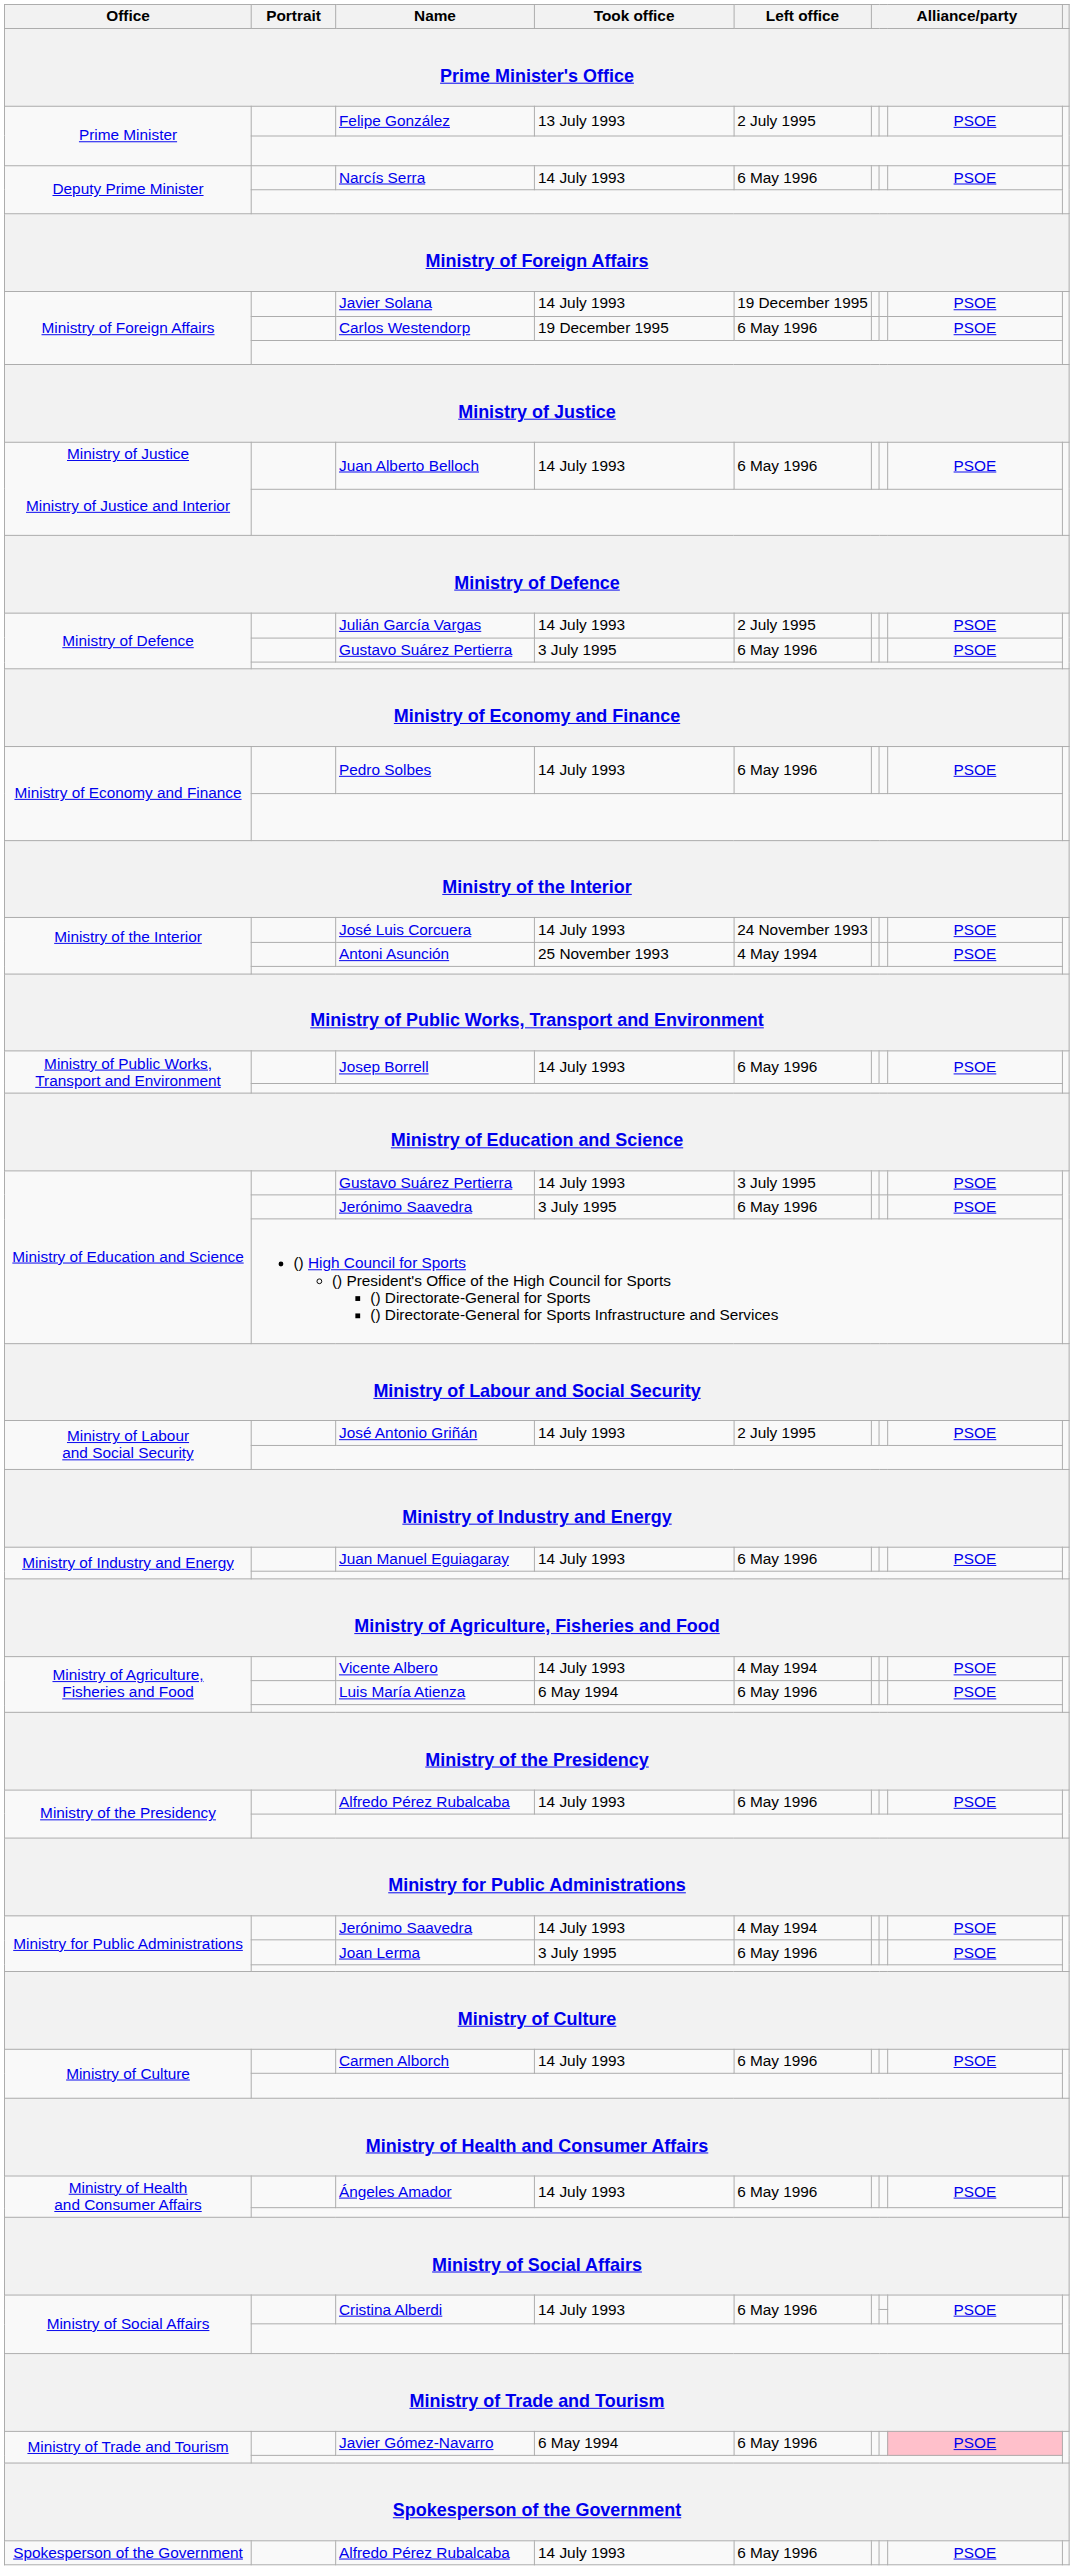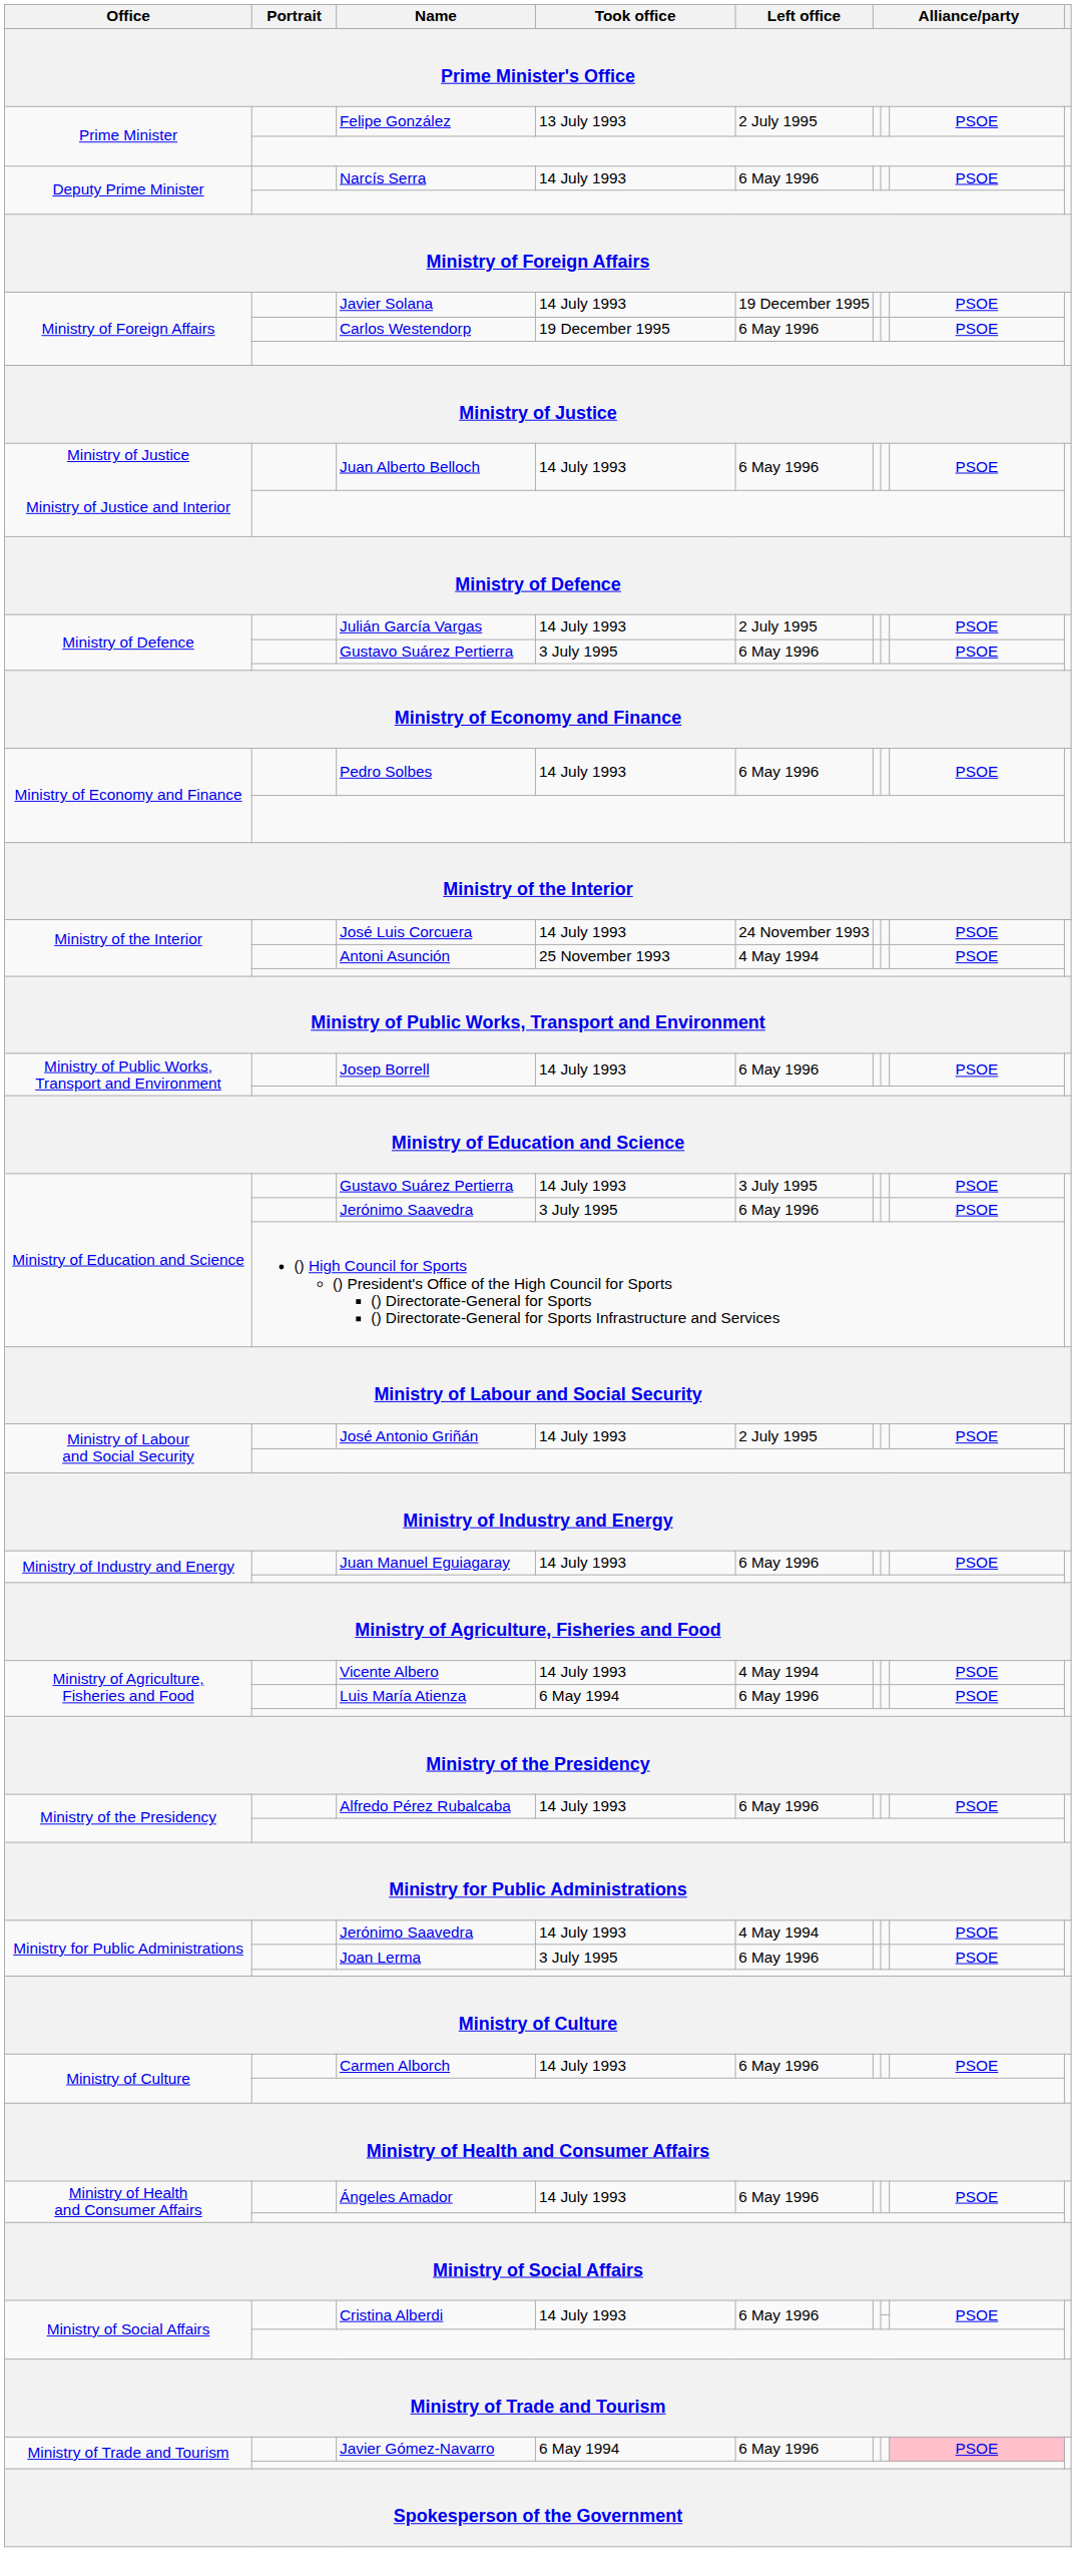 <table class="wikitable" style="line-height:18px;">
 <tr>
 <th scope="col">Office<br></th>
 <th scope="col">Portrait</th>
 <th scope="col">Name</th>
 <th scope="col">Took office</th>
 <th scope="col">Left office</th>
 <th colspan="3" scope="col">Alliance/party</th>
 <th></th>
 </tr>
 <tr>
 <th colspan="9"><br><h3><a href='#'>Prime Minister's Office</a></h3></th>
 </tr>
 <tr>
 <td align="center" rowspan="2" width="250"><a href='#'>Prime Minister</a><br></td>
 <td width="80"></td>
 <td width="200"><a href='#'>Felipe González</a></td>
 <td width="200">13 July 1993</td>
 <td>2 July 1995<br></td>
 <td width="1" style="background-color:"></td>
 <td width="1" style="background-color:"></td>
 <td width="175" align="center"><a href='#'>PSOE</a></td>
 <td align="center" rowspan="2"><br><br><br></td>
 </tr>
 <tr>
 <td colspan="7"><br></td>
 </tr>
 <tr>
 <td align="center" rowspan="2"><a href='#'>Deputy Prime Minister</a><br></td>
 <td></td>
 <td><a href='#'>Narcís Serra</a></td>
 <td>14 July 1993</td>
 <td>6 May 1996</td>
 <td style="background-color:"></td>
 <td style="background-color:"></td>
 <td align="center"><a href='#'>PSOE</a><br></td>
 <td align="center" rowspan="2"><br></td>
 </tr>
 <tr>
 <td colspan="7"><br></td>
 </tr>
 <tr>
 <th colspan="9"><br><h3><a href='#'>Ministry of Foreign Affairs</a></h3></th>
 </tr>
 <tr>
 <td align="center" rowspan="3"><a href='#'>Ministry of Foreign Affairs</a><br></td>
 <td></td>
 <td><a href='#'>Javier Solana</a></td>
 <td>14 July 1993</td>
 <td>19 December 1995</td>
 <td style="background-color:"></td>
 <td style="background-color:"></td>
 <td align="center"><a href='#'>PSOE</a></td>
 <td align="center" rowspan="3"><br><br><br></td>
 </tr>
 <tr>
 <td></td>
 <td><a href='#'>Carlos Westendorp</a></td>
 <td>19 December 1995</td>
 <td>6 May 1996</td>
 <td style="background-color:"></td>
 <td style="background-color:"></td>
 <td align="center"><a href='#'>PSOE</a></td>
 </tr>
 <tr>
 <td colspan="7"><br></td>
 </tr>
 <tr>
 <th colspan="9"><br><h3><a href='#'>Ministry of Justice</a></h3></th>
 </tr>
 <tr>
 <td align="center" rowspan="2"><a href='#'>Ministry of Justice</a><br><br><br><a href='#'>Ministry of Justice and Interior</a><br><br></td>
 <td></td>
 <td><a href='#'>Juan Alberto Belloch</a></td>
 <td>14 July 1993</td>
 <td>6 May 1996</td>
 <td style="background-color:"></td>
 <td style="background-color:"></td>
 <td align="center"><a href='#'>PSOE</a><br></td>
 <td align="center" rowspan="2"><br><br><br><br></td>
 </tr>
 <tr>
 <td colspan="7"><br></td>
 </tr>
 <tr>
 <th colspan="9"><br><h3><a href='#'>Ministry of Defence</a></h3></th>
 </tr>
 <tr>
 <td align="center" rowspan="3"><a href='#'>Ministry of Defence</a><br></td>
 <td></td>
 <td><a href='#'>Julián García Vargas</a></td>
 <td>14 July 1993</td>
 <td>2 July 1995<br></td>
 <td style="background-color:"></td>
 <td style="background-color:"></td>
 <td align="center"><a href='#'>PSOE</a></td>
 <td align="center" rowspan="3"></td>
 </tr>
 <tr>
 <td></td>
 <td><a href='#'>Gustavo Suárez Pertierra</a></td>
 <td>3 July 1995</td>
 <td>6 May 1996</td>
 <td style="background-color:"></td>
 <td style="background-color:"></td>
 <td align="center"><a href='#'>PSOE</a></td>
 </tr>
 <tr>
 <td colspan="7"></td>
 </tr>
 <tr>
 <th colspan="9"><br><h3><a href='#'>Ministry of Economy and Finance</a></h3></th>
 </tr>
 <tr>
 <td align="center" rowspan="2"><a href='#'>Ministry of Economy and Finance</a><br></td>
 <td></td>
 <td><a href='#'>Pedro Solbes</a></td>
 <td>14 July 1993</td>
 <td>6 May 1996</td>
 <td style="background-color:"></td>
 <td style="background-color:"></td>
 <td align="center"><a href='#'>PSOE</a><br></td>
 <td align="center" rowspan="2"><br><br><br><br><br></td>
 </tr>
 <tr>
 <td colspan="7"><br> </td>
 </tr>
 <tr>
 <th colspan="9"><br><h3><a href='#'>Ministry of the Interior</a></h3></th>
 </tr>
 <tr>
 <td align="center" rowspan="3"><a href='#'>Ministry of the Interior</a><br><br></td>
 <td></td>
 <td><a href='#'>José Luis Corcuera</a></td>
 <td>14 July 1993</td>
 <td>24 November 1993<br></td>
 <td style="background-color:"></td>
 <td style="background-color:"></td>
 <td align="center"><a href='#'>PSOE</a></td>
 <td align="center" rowspan="3"></td>
 </tr>
 <tr>
 <td></td>
 <td><a href='#'>Antoni Asunción</a></td>
 <td>25 November 1993</td>
 <td>4 May 1994<br></td>
 <td style="background-color:"></td>
 <td style="background-color:"></td>
 <td align="center"><a href='#'>PSOE</a></td>
 </tr>
 <tr>
 <td colspan="7"></td>
 </tr>
 <tr>
 <th colspan="9"><br><h3><a href='#'>Ministry of Public Works, Transport and Environment</a></h3></th>
 </tr>
 <tr>
 <td align="center" rowspan="2"><a href='#'>Ministry of Public Works,<br>Transport and Environment</a><br></td>
 <td></td>
 <td><a href='#'>Josep Borrell</a></td>
 <td>14 July 1993</td>
 <td>6 May 1996</td>
 <td style="background-color:"></td>
 <td style="background-color:"></td>
 <td align="center"><a href='#'>PSOE</a></td>
 <td align="center" rowspan="2"></td>
 </tr>
 <tr>
 <td colspan="7"></td>
 </tr>
 <tr>
 <th colspan="9"><br><h3><a href='#'>Ministry of Education and Science</a></h3></th>
 </tr>
 <tr>
 <td align="center" rowspan="3"><a href='#'>Ministry of Education and Science</a><br></td>
 <td></td>
 <td><a href='#'>Gustavo Suárez Pertierra</a></td>
 <td>14 July 1993</td>
 <td>3 July 1995</td>
 <td style="background-color:"></td>
 <td style="background-color:"></td>
 <td align="center"><a href='#'>PSOE</a></td>
 <td align="center" rowspan="3"></td>
 </tr>
 <tr>
 <td></td>
 <td><a href='#'>Jerónimo Saavedra</a></td>
 <td>3 July 1995</td>
 <td>6 May 1996</td>
 <td style="background-color:"></td>
 <td style="background-color:"></td>
 <td align="center"><a href='#'>PSOE</a></td>
 </tr>
 <tr>
 <td colspan="7"><br><ul><li>() <a href='#'>High Council for Sports</a><ul><li>() President's Office of the High Council for Sports<ul><li>() Directorate-General for Sports</li><li>() Directorate-General for Sports Infrastructure and Services</li></ul></li></ul></li></ul></td>
 </tr>
 <tr>
 <th colspan="9"><br><h3><a href='#'>Ministry of Labour and Social Security</a></h3></th>
 </tr>
 <tr>
 <td align="center" rowspan="2"><a href='#'>Ministry of Labour<br>and Social Security</a><br></td>
 <td></td>
 <td><a href='#'>José Antonio Griñán</a></td>
 <td>14 July 1993</td>
 <td>2 July 1995<br></td>
 <td style="background-color:"></td>
 <td style="background-color:"></td>
 <td align="center"><a href='#'>PSOE</a></td>
 <td align="center" rowspan="2"><br><br></td>
 </tr>
 <tr>
 <td colspan="7"><br></td>
 </tr>
 <tr>
 <th colspan="9"><br><h3><a href='#'>Ministry of Industry and Energy</a></h3></th>
 </tr>
 <tr>
 <td align="center" rowspan="2"><a href='#'>Ministry of Industry and Energy</a><br></td>
 <td></td>
 <td><a href='#'>Juan Manuel Eguiagaray</a></td>
 <td>14 July 1993</td>
 <td>6 May 1996</td>
 <td style="background-color:"></td>
 <td style="background-color:"></td>
 <td align="center"><a href='#'>PSOE</a></td>
 <td align="center" rowspan="2"></td>
 </tr>
 <tr>
 <td colspan="7"></td>
 </tr>
 <tr>
 <th colspan="9"><br><h3><a href='#'>Ministry of Agriculture, Fisheries and Food</a></h3></th>
 </tr>
 <tr>
 <td align="center" rowspan="3"><a href='#'>Ministry of Agriculture,<br>Fisheries and Food</a><br></td>
 <td></td>
 <td><a href='#'>Vicente Albero</a></td>
 <td>14 July 1993</td>
 <td>4 May 1994<br></td>
 <td style="background-color:"></td>
 <td style="background-color:"></td>
 <td align="center"><a href='#'>PSOE</a></td>
 <td align="center" rowspan="3"></td>
 </tr>
 <tr>
 <td></td>
 <td><a href='#'>Luis María Atienza</a></td>
 <td>6 May 1994</td>
 <td>6 May 1996</td>
 <td style="background-color:"></td>
 <td style="background-color:"></td>
 <td align="center"><a href='#'>PSOE</a></td>
 </tr>
 <tr>
 <td colspan="7"></td>
 </tr>
 <tr>
 <th colspan="9"><br><h3><a href='#'>Ministry of the Presidency</a></h3></th>
 </tr>
 <tr>
 <td align="center" rowspan="2"><a href='#'>Ministry of the Presidency</a><br></td>
 <td></td>
 <td><a href='#'>Alfredo Pérez Rubalcaba</a></td>
 <td>14 July 1993</td>
 <td>6 May 1996</td>
 <td style="background-color:"></td>
 <td style="background-color:"></td>
 <td align="center"><a href='#'>PSOE</a></td>
 <td align="center" rowspan="2"><br><br></td>
 </tr>
 <tr>
 <td colspan="7"><br> </td>
 </tr>
 <tr>
 <th colspan="9"><br><h3><a href='#'>Ministry for Public Administrations</a></h3></th>
 </tr>
 <tr>
 <td align="center" rowspan="3"><a href='#'>Ministry for Public Administrations</a><br></td>
 <td></td>
 <td><a href='#'>Jerónimo Saavedra</a></td>
 <td>14 July 1993</td>
 <td>4 May 1994<br></td>
 <td style="background-color:"></td>
 <td style="background-color:"></td>
 <td align="center"><a href='#'>PSOE</a></td>
 <td align="center" rowspan="3"></td>
 </tr>
 <tr>
 <td></td>
 <td><a href='#'>Joan Lerma</a></td>
 <td>3 July 1995</td>
 <td>6 May 1996</td>
 <td style="background-color:"></td>
 <td style="background-color:"></td>
 <td align="center"><a href='#'>PSOE</a></td>
 </tr>
 <tr>
 <td colspan="7"></td>
 </tr>
 <tr>
 <th colspan="9"><br><h3><a href='#'>Ministry of Culture</a></h3></th>
 </tr>
 <tr>
 <td align="center" rowspan="2"><a href='#'>Ministry of Culture</a><br></td>
 <td></td>
 <td><a href='#'>Carmen Alborch</a></td>
 <td>14 July 1993</td>
 <td>6 May 1996</td>
 <td style="background-color:"></td>
 <td style="background-color:"></td>
 <td align="center"><a href='#'>PSOE</a><br></td>
 <td align="center" rowspan="2"><br><br></td>
 </tr>
 <tr>
 <td colspan="7"><br> </td>
 </tr>
 <tr>
 <th colspan="9"><br><h3><a href='#'>Ministry of Health and Consumer Affairs</a></h3></th>
 </tr>
 <tr>
 <td align="center" rowspan="2"><a href='#'>Ministry of Health<br>and Consumer Affairs</a><br></td>
 <td></td>
 <td><a href='#'>Ángeles Amador</a></td>
 <td>14 July 1993</td>
 <td>6 May 1996</td>
 <td style="background-color:"></td>
 <td style="background-color:"></td>
 <td align="center"><a href='#'>PSOE</a><br></td>
 <td align="center" rowspan="2"></td>
 </tr>
 <tr>
 <td colspan="7"></td>
 </tr>
 <tr>
 <th colspan="9"><br><h3><a href='#'>Ministry of Social Affairs</a></h3></th>
 </tr>
 <tr>
 <td align="center" rowspan="3"><a href='#'>Ministry of Social Affairs</a><br></td>
 <td rowspan="2"></td>
 <td rowspan="2"><a href='#'>Cristina Alberdi</a></td>
 <td rowspan="2">14 July 1993</td>
 <td rowspan="2">6 May 1996</td>
 <td rowspan="2" style="background-color:"></td>
 <td style="background-color:"></td>
 <td align="center" rowspan="2"><a href='#'>PSOE</a><br></td>
 <td align="center" rowspan="3"><br><br><br></td>
 </tr>
 <tr>
 <td style="background-color:"></td>
 </tr>
 <tr>
 <td colspan="7"><br> </td>
 </tr>
 <tr>
 <th colspan="9"><br><h3><a href='#'>Ministry of Trade and Tourism</a></h3></th>
 </tr>
 <tr>
 <td align="center" rowspan="2"><a href='#'>Ministry of Trade and Tourism</a><br></td>
 <td></td>
 <td><a href='#'>Javier Gómez-Navarro</a></td>
 <td>6 May 1994</td>
 <td>6 May 1996</td>
 <td style="background-color:"></td>
 <td style="background-color:"></td>
 <td align="center" style="background: pink;"><a href='#'>PSOE</a><br></td>
 <td align="center" rowspan="2"></td>
 </tr>
 <tr>
 <td colspan="7"></td>
 </tr>
 <tr>
 <th colspan="9"><br><h3><a href='#'>Spokesperson of the Government</a></h3></th>
 </tr>
-<tr>
-<td align="center"><a href='#'>Spokesperson of the Government</a><br></td>
-<td></td>
-<td><a href='#'>Alfredo Pérez Rubalcaba</a></td>
-<td>14 July 1993</td>
-<td>6 May 1996</td>
-<td style="background-color:"></td>
-<td style="background-color:"></td>
-<td align="center"><a href='#'>PSOE</a></td>
-<td align="center"></td>
-</tr>
 </table>
